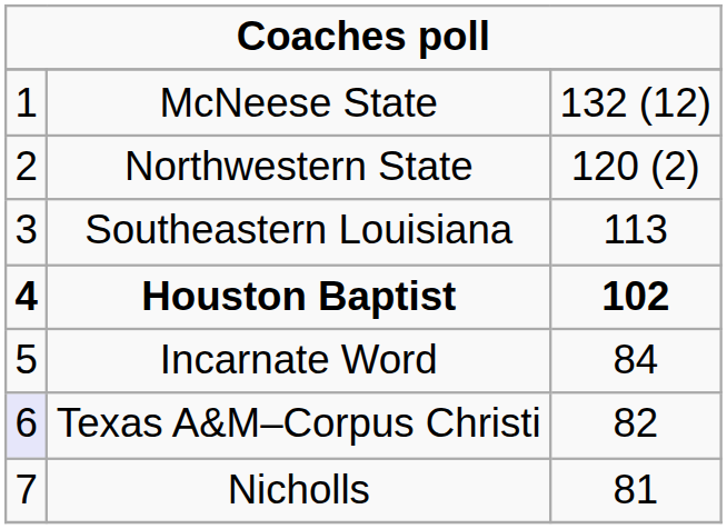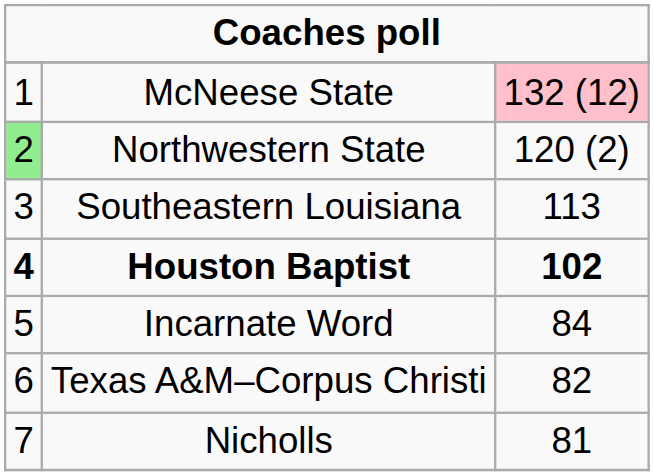 <table class="wikitable">
 <tr align="center">
 <td align="center" Colspan="3"><strong>Coaches poll</strong></td>
 </tr>
 <tr align="center">
 </tr>
 <tr align="center">
 <td>1</td>
 <td>McNeese State</td>
-<td>132 (12)</td>
+<td style="background: pink;">132 (12)</td>
 </tr>
 <tr align="center">
-<td>2</td>
+<td style="background: lightgreen;">2</td>
 <td>Northwestern State</td>
 <td>120 (2)</td>
 </tr>
 <tr align="center">
 <td>3</td>
 <td>Southeastern Louisiana</td>
 <td>113</td>
 </tr>
 <tr align="center">
 <td><strong>4</strong></td>
 <td><strong>Houston Baptist</strong></td>
 <td><strong>102</strong></td>
 </tr>
 <tr align="center">
 <td>5</td>
 <td>Incarnate Word</td>
 <td>84</td>
 </tr>
 <tr align="center">
-<td style="background: lavender;">6</td>
+<td>6</td>
 <td>Texas A&M–Corpus Christi</td>
 <td>82</td>
 </tr>
 <tr align="center">
 <td>7</td>
 <td>Nicholls</td>
 <td>81</td>
 </tr>
 <tr align="center">
 </tr>
 </table>
